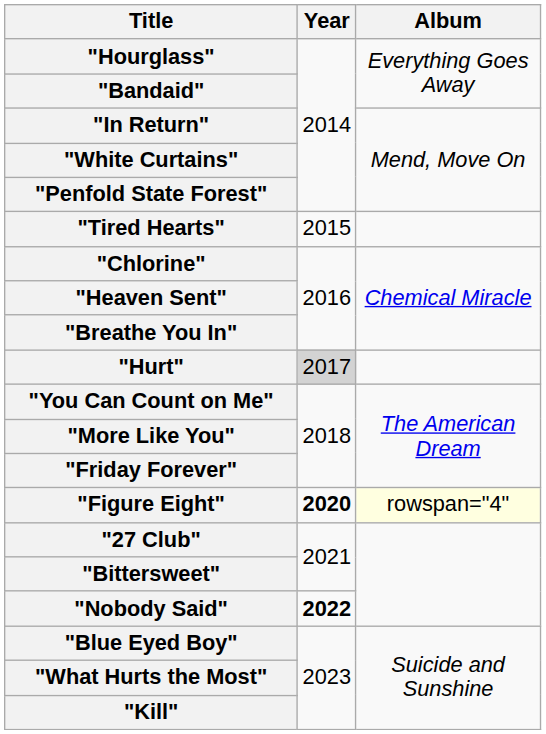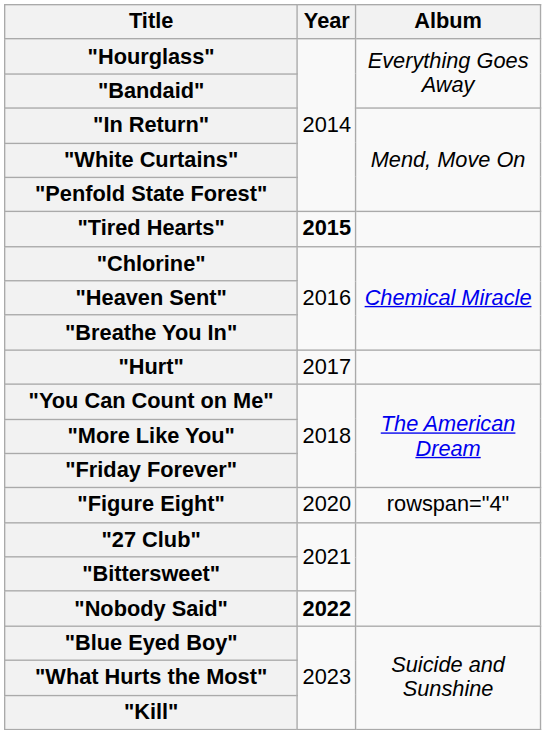 <table class="wikitable plainrowheaders" style="text-align:center;" border="1">
 <tr>
 <th scope="col" style="width:13em;">Title</th>
 <th scope="col" style="width:1em;">Year</th>
 <th scope="col" style="width:8em;">Album</th>
 </tr>
 <tr>
 <th scope="row">"Hourglass"</th>
 <td rowspan="5">2014</td>
 <td rowspan="2"><em>Everything Goes Away</em></td>
 </tr>
 <tr>
 <th scope="row">"Bandaid"</th>
 </tr>
 <tr>
 <th scope="row">"In Return"</th>
 <td rowspan="3"><em>Mend, Move On</em></td>
 </tr>
 <tr>
 <th scope="row">"White Curtains"</th>
 </tr>
 <tr>
 <th scope="row">"Penfold State Forest"</th>
 </tr>
 <tr>
 <th scope="row">"Tired Hearts"</th>
-<td>2015</td>
+<td><strong>2015</strong></td>
 <td></td>
 </tr>
 <tr>
 <th scope="row">"Chlorine"</th>
 <td rowspan="3">2016</td>
 <td rowspan="3"><em><a href='#'>Chemical Miracle</a></em></td>
 </tr>
 <tr>
 <th scope="row">"Heaven Sent"</th>
 </tr>
 <tr>
 <th scope="row">"Breathe You In"</th>
 </tr>
 <tr>
 <th scope="row">"Hurt"</th>
-<td style="background: lightgrey;">2017</td>
+<td>2017</td>
 <td></td>
 </tr>
 <tr>
 <th scope="row">"You Can Count on Me"</th>
 <td rowspan="3">2018</td>
 <td rowspan="3"><em><a href='#'>The American Dream</a></em></td>
 </tr>
 <tr>
 <th scope="row">"More Like You"</th>
 </tr>
 <tr>
 <th scope="row">"Friday Forever"</th>
 </tr>
 <tr>
 <th scope="row">"Figure Eight"</th>
-<td><strong>2020</strong></td>
-<td style="background: lightyellow;">rowspan="4" </td>
+<td>2020</td>
+<td>rowspan="4" </td>
 </tr>
 <tr>
 <th scope="row">"27 Club"</th>
 <td rowspan="2">2021</td>
 </tr>
 <tr>
 <th scope="row">"Bittersweet"</th>
 </tr>
 <tr>
 <th scope="row">"Nobody Said"</th>
 <td><strong>2022</strong></td>
 </tr>
 <tr>
 <th scope="row">"Blue Eyed Boy"</th>
 <td rowspan="3">2023</td>
 <td rowspan="3"><em>Suicide and Sunshine</em></td>
 </tr>
 <tr>
 <th scope="row">"What Hurts the Most"</th>
 </tr>
 <tr>
 <th scope="row">"Kill"</th>
 </tr>
 </table>
